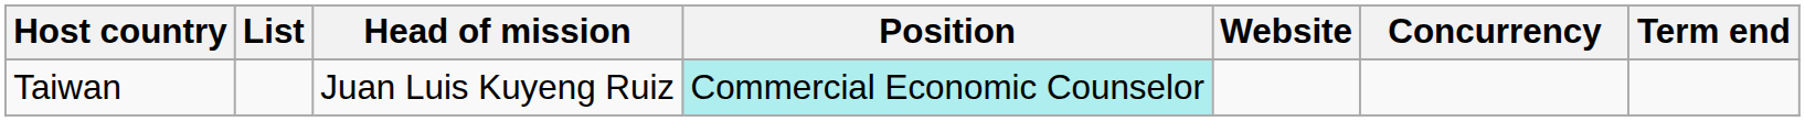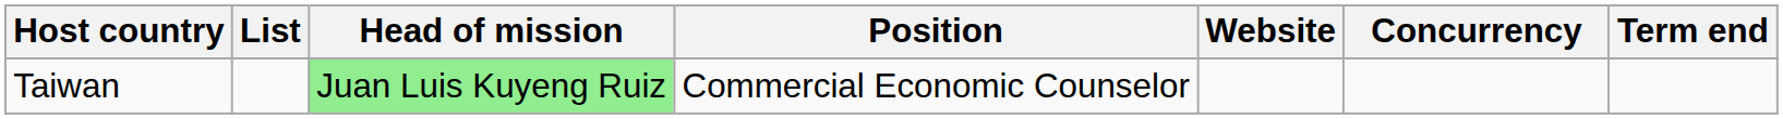 <table class="wikitable sortable">
 <tr>
 <th>Host country</th>
 <th>List</th>
 <th>Head of mission</th>
 <th>Position</th>
 <th>Website</th>
 <th style="width:15%;">Concurrency</th>
 <th data-sort-type=Date>Term end</th>
 </tr>
 <tr valign="top">
 </tr>
 <tr id="Taiwan">
 <td>Taiwan</td>
 <td></td>
-<td>Juan Luis Kuyeng Ruiz</td>
-<td style="background: paleturquoise;">Commercial Economic Counselor</td>
+<td style="background: lightgreen;">Juan Luis Kuyeng Ruiz</td>
+<td>Commercial Economic Counselor</td>
 <td></td>
 <td></td>
 <td></td>
 </tr>
 </table>
